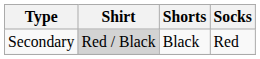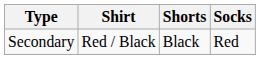 <table class="wikitable">
 <tr>
 <th>Type</th>
 <th>Shirt</th>
 <th>Shorts</th>
 <th>Socks</th>
 </tr>
 <tr>
 <td>Secondary</td>
-<td style="background: lightgrey;">Red / Black</td>
+<td>Red / Black</td>
 <td>Black</td>
 <td>Red</td>
 </tr>
 <tr>
 </tr>
 </table>
